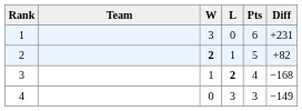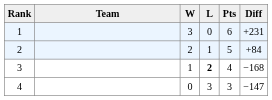 <table style=border-collapse:collapse border=1 cellspacing=0 cellpadding=5>
 <tr align=center bgcolor=#efefef>
 <th width=20>Rank</th>
 <th width=220>Team</th>
 <th width=20>W</th>
 <th width=20>L</th>
 <th width=20>Pts</th>
 <th width=20>Diff</th>
 </tr>
 <tr align=center bgcolor=#EBF5FF>
 <td>1</td>
 <td align=left></td>
 <td>3</td>
 <td>0</td>
 <td>6</td>
 <td>+231</td>
 </tr>
 <tr align=center bgcolor=#EBF5FF>
 <td>2</td>
 <td align=left></td>
-<td><strong>2</strong></td>
+<td>2</td>
 <td>1</td>
 <td>5</td>
-<td>+82</td>
+<td>+84</td>
 </tr>
 <tr align=center>
 <td>3</td>
 <td align=left></td>
 <td>1</td>
 <td><strong>2</strong></td>
 <td>4</td>
 <td>−168</td>
 </tr>
 <tr align=center>
 <td>4</td>
 <td align=left></td>
 <td>0</td>
 <td>3</td>
 <td>3</td>
-<td>−149</td>
+<td>−147</td>
 </tr>
 </table>
